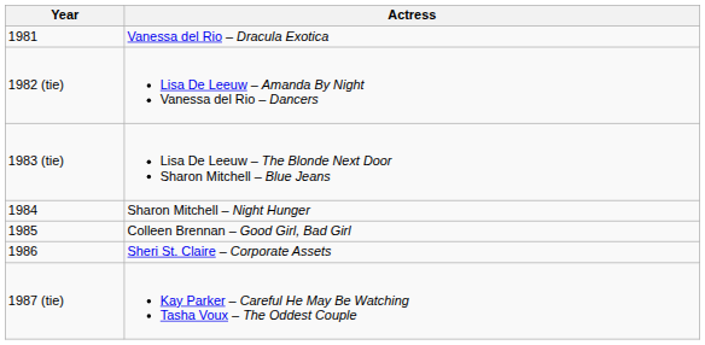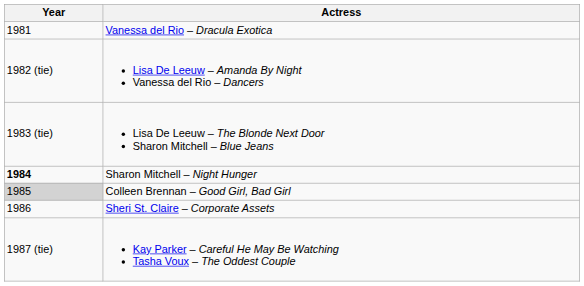 <table class=wikitable width="67%">
 <tr>
 <th width="15">Year</th>
 <th width="200">Actress</th>
 </tr>
 <tr>
 <td>1981</td>
 <td><a href='#'>Vanessa del Rio</a> – <em>Dracula Exotica</em></td>
 </tr>
 <tr>
 <td>1982 (tie)</td>
 <td><br><ul><li><a href='#'>Lisa De Leeuw</a> – <em>Amanda By Night</em></li><li>Vanessa del Rio – <em>Dancers</em></li></ul></td>
 </tr>
 <tr>
 <td>1983 (tie)</td>
 <td><br><ul><li>Lisa De Leeuw – <em>The Blonde Next Door</em></li><li>Sharon Mitchell – <em>Blue Jeans</em></li></ul></td>
 </tr>
 <tr>
-<td>1984</td>
+<td><strong>1984</strong></td>
 <td>Sharon Mitchell – <em>Night Hunger</em></td>
 </tr>
 <tr>
-<td>1985</td>
+<td style="background: lightgrey;">1985</td>
 <td>Colleen Brennan – <em>Good Girl, Bad Girl</em></td>
 </tr>
 <tr>
 <td>1986</td>
 <td><a href='#'>Sheri St. Claire</a> – <em>Corporate Assets</em></td>
 </tr>
 <tr>
 <td>1987 (tie)</td>
 <td><br><ul><li><a href='#'>Kay Parker</a> – <em>Careful He May Be Watching</em></li><li><a href='#'>Tasha Voux</a> – <em>The Oddest Couple</em></li></ul></td>
 </tr>
 </table>
